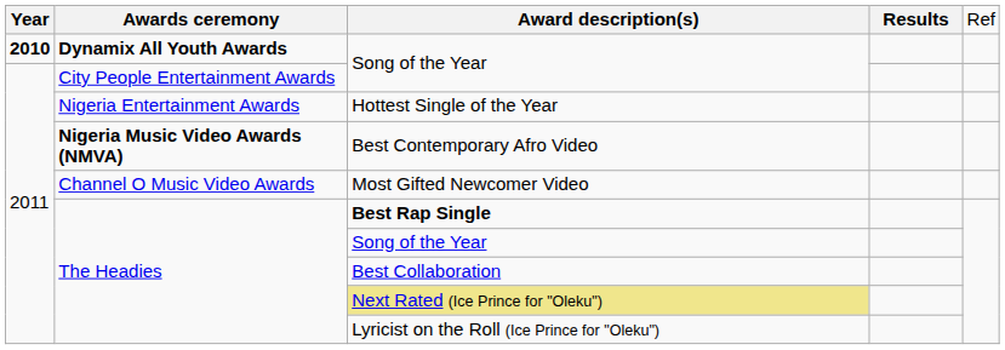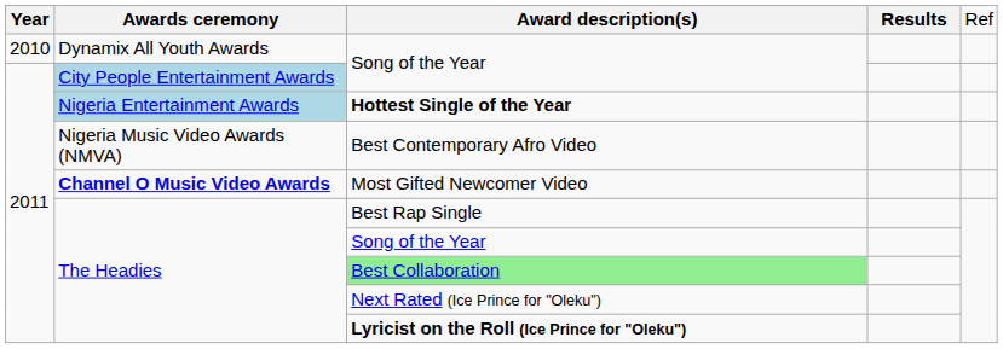 <table class="wikitable">
 <tr>
 <th>Year</th>
 <th width="250">Awards ceremony</th>
 <th width="450">Award description(s)</th>
 <th width="75">Results</th>
 <td>Ref</td>
 </tr>
 <tr>
-<td><strong>2010</strong></td>
-<td><strong>Dynamix All Youth Awards</strong></td>
+<td>2010</td>
+<td>Dynamix All Youth Awards</td>
 <td rowspan="2">Song of the Year</td>
 <td></td>
 <td></td>
 </tr>
 <tr>
 <td rowspan="9">2011</td>
-<td><a href='#'>City People Entertainment Awards</a></td>
+<td style="background: lightblue;"><a href='#'>City People Entertainment Awards</a></td>
 <td></td>
 <td></td>
 </tr>
 <tr>
-<td><a href='#'>Nigeria Entertainment Awards</a></td>
-<td>Hottest Single of the Year</td>
+<td style="background: lightblue;"><a href='#'>Nigeria Entertainment Awards</a></td>
+<td><strong>Hottest Single of the Year</strong></td>
 <td></td>
 <td></td>
 </tr>
 <tr>
-<td><strong>Nigeria Music Video Awards (NMVA)</strong></td>
+<td>Nigeria Music Video Awards (NMVA)</td>
 <td>Best Contemporary Afro Video</td>
 <td></td>
 <td></td>
 </tr>
 <tr>
-<td><a href='#'>Channel O Music Video Awards</a></td>
+<td><strong><a href='#'>Channel O Music Video Awards</a></strong></td>
 <td>Most Gifted Newcomer Video</td>
 <td></td>
 <td></td>
 </tr>
 <tr>
 <td rowspan="5"><a href='#'>The Headies</a></td>
-<td><strong>Best Rap Single</strong></td>
+<td>Best Rap Single</td>
 <td></td>
 <td rowspan="5"></td>
 </tr>
 <tr>
 <td><a href='#'>Song of the Year</a></td>
 <td></td>
 </tr>
 <tr>
-<td><a href='#'>Best Collaboration</a></td>
+<td style="background: lightgreen;"><a href='#'>Best Collaboration</a></td>
 <td></td>
 </tr>
 <tr>
-<td style="background: khaki;"><a href='#'>Next Rated</a> <small>(Ice Prince for "Oleku")</small></td>
+<td><a href='#'>Next Rated</a> <small>(Ice Prince for "Oleku")</small></td>
 <td></td>
 </tr>
 <tr>
-<td>Lyricist on the Roll <small>(Ice Prince for "Oleku")</small></td>
+<td><strong>Lyricist on the Roll <small>(Ice Prince for "Oleku")</small></strong></td>
 <td></td>
 </tr>
 </table>
